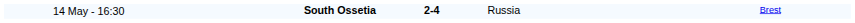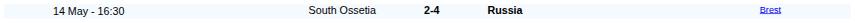 <table style="width: 100%; background:#F5FAFF;" cellspacing="0">
 <tr>
 <td align=center rowspan=3 width=20%>14 May - 16:30</td>
 </tr>
 <tr>
-<td width=24% align=right><strong>South Ossetia</strong></td>
+<td width=24% align=right>South Ossetia</td>
 <td align=center width=13%><strong>2-4</strong></td>
-<td width=24%>Russia</td>
+<td width=24%><strong>Russia</strong></td>
 <td style=font-size:85% rowspan=3 valign=top align=center><a href='#'>Brest</a></td>
 </tr>
 <tr style=font-size:85%>
 <td align=right valign=top></td>
 <td></td>
 <td></td>
 </tr>
 </table>
